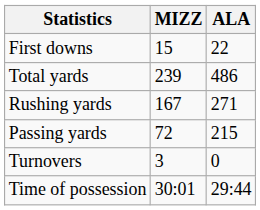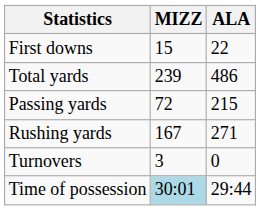 <table class="wikitable" style="float: left;">
 <tr>
 <th>Statistics</th>
 <th>MIZZ</th>
 <th>ALA</th>
 </tr>
 <tr>
 <td>First downs</td>
 <td>15</td>
 <td>22</td>
 </tr>
 <tr>
 <td>Total yards</td>
 <td>239</td>
 <td>486</td>
 </tr>
 <tr>
+<td>Passing yards</td>
+<td>72</td>
+<td>215</td>
+</tr>
+<tr>
 <td>Rushing yards</td>
 <td>167</td>
 <td>271</td>
-</tr>
-<tr>
-<td>Passing yards</td>
-<td>72</td>
-<td>215</td>
 </tr>
 <tr>
 <td>Turnovers</td>
 <td>3</td>
 <td>0</td>
 </tr>
 <tr>
 <td>Time of possession</td>
-<td>30:01</td>
+<td style="background: lightblue;">30:01</td>
 <td>29:44</td>
 </tr>
 </table>
